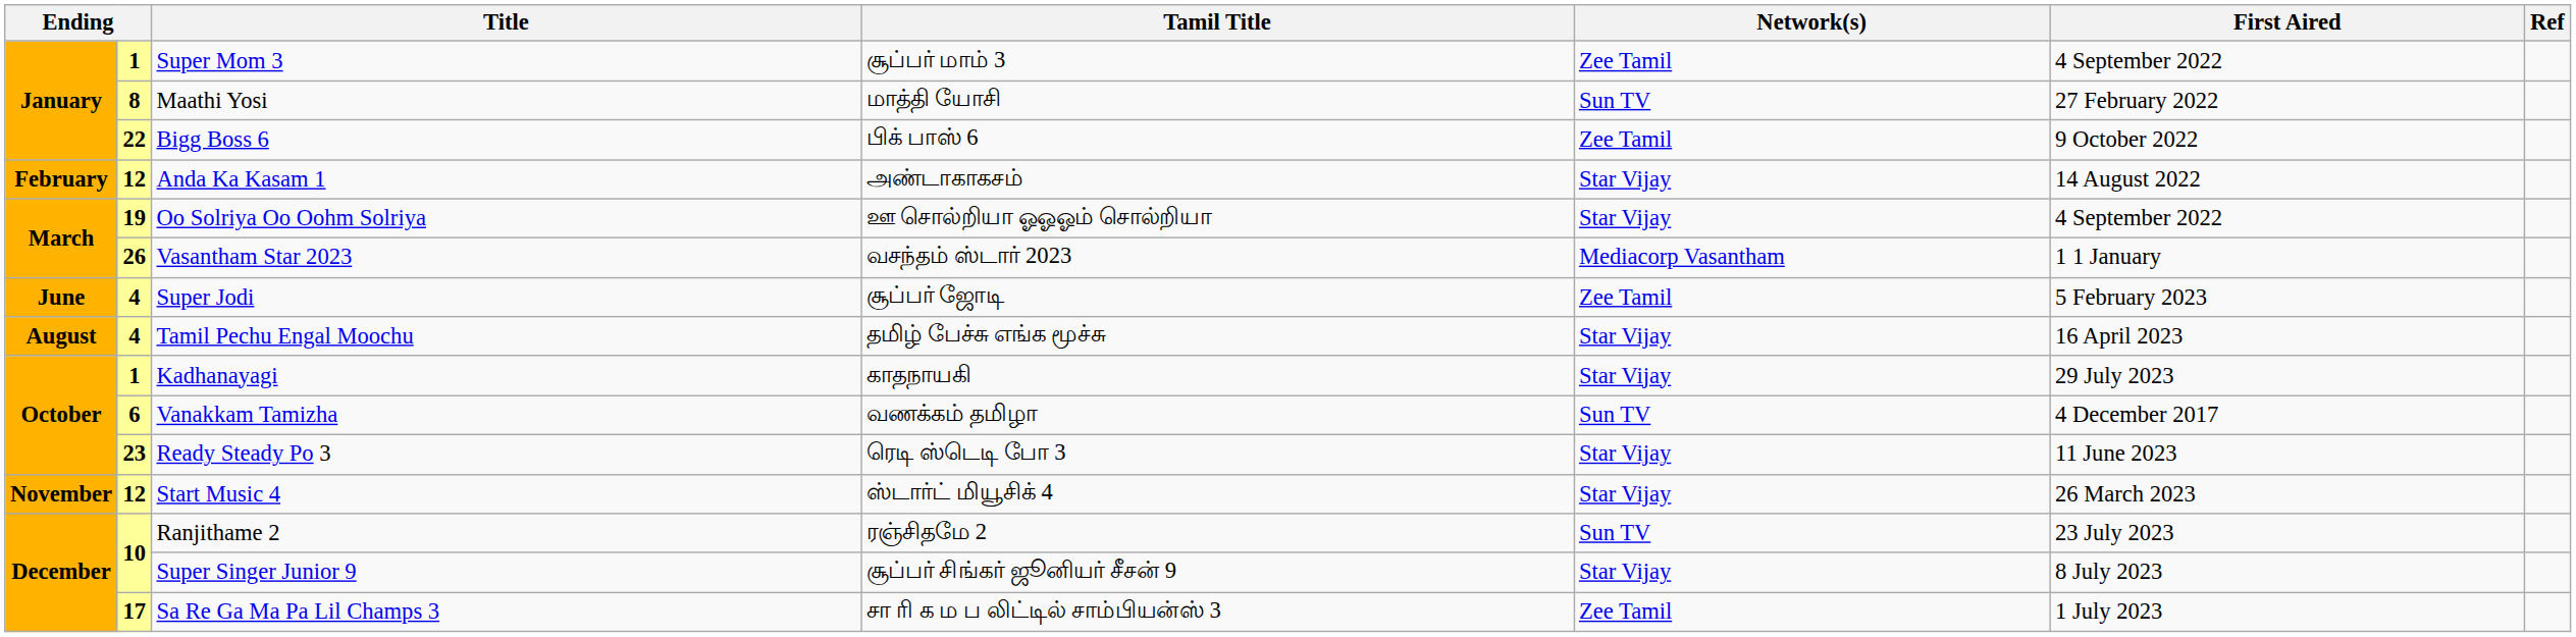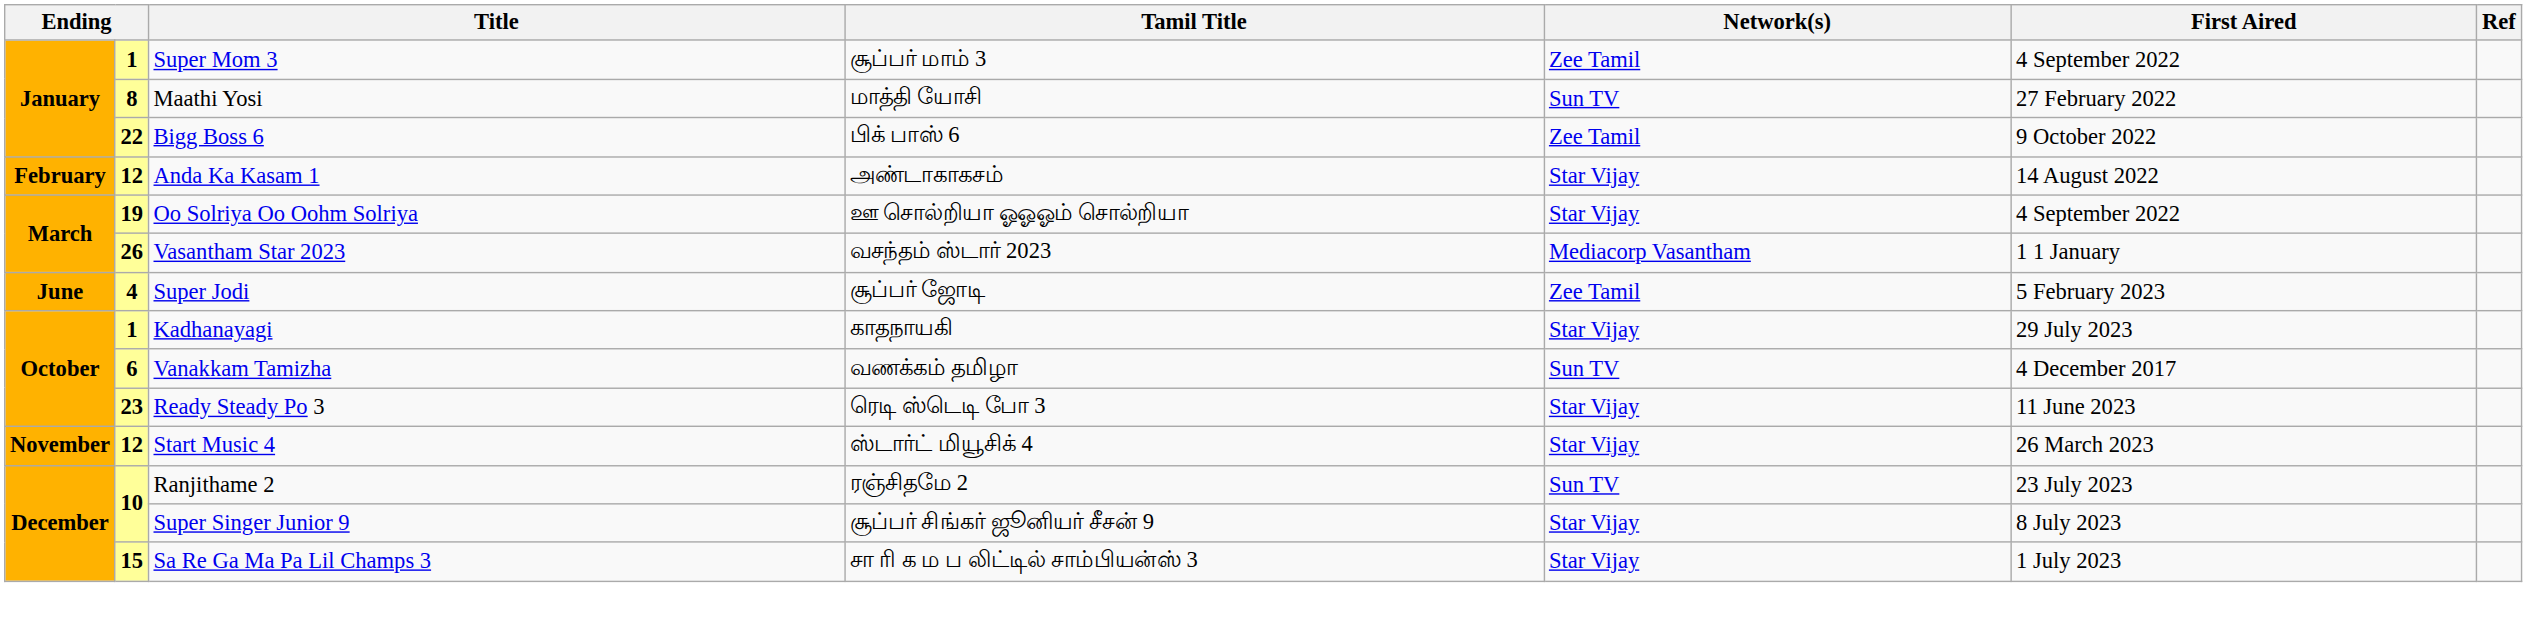 <table class="wikitable" width="90%">
 <tr>
 <th colspan="2">Ending</th>
 <th style="width:30%;">Title</th>
 <th style="width:30%;">Tamil Title</th>
 <th style="width:20%;">Network(s)</th>
 <th style="width:20%;">First Aired</th>
 <th>Ref</th>
 </tr>
 <tr>
 <td rowspan="3" style="text-align:center;background:#FFB200;textcolor:#000;"><strong>January</strong></td>
 <td style="text-align:center; background:#FFFF99;"><strong>1</strong></td>
 <td><a href='#'>Super Mom 3</a></td>
 <td>சூப்பர் மாம் 3</td>
 <td><a href='#'>Zee Tamil</a></td>
 <td>4 September 2022</td>
 <td></td>
 </tr>
 <tr>
 <td style="text-align:center; background:#FFFF99;"><strong>8</strong></td>
 <td>Maathi Yosi</td>
 <td>மாத்தி யோசி</td>
 <td><a href='#'>Sun TV</a></td>
 <td>27 February 2022</td>
 <td></td>
 </tr>
 <tr>
 <td style="text-align:center; background:#FFFF99;"><strong>22</strong></td>
 <td><a href='#'>Bigg Boss 6</a></td>
 <td>பிக் பாஸ் 6</td>
 <td><a href='#'>Zee Tamil</a></td>
 <td>9 October 2022</td>
 <td></td>
 </tr>
 <tr>
 <td rowspan="1" style="text-align:center;background:#FFB200;textcolor:#000;"><strong>February</strong></td>
 <td style="text-align:center; background:#FFFF99;"><strong>12</strong></td>
 <td><a href='#'>Anda Ka Kasam 1</a></td>
 <td>அண்டாகாகசம்</td>
 <td><a href='#'>Star Vijay</a></td>
 <td>14 August 2022</td>
 <td></td>
 </tr>
 <tr>
 <td rowspan="2" style="text-align:center;background:#FFB200;textcolor:#000;"><strong>March</strong></td>
 <td style="text-align:center; background:#FFFF99;"><strong>19</strong></td>
 <td><a href='#'>Oo Solriya Oo Oohm Solriya</a></td>
 <td>ஊ சொல்றியா ஓஓஓம் சொல்றியா</td>
 <td><a href='#'>Star Vijay</a></td>
 <td>4 September 2022</td>
 <td></td>
 </tr>
 <tr>
 <td style="text-align:center; background:#FFFF99;"><strong>26</strong></td>
 <td><a href='#'>Vasantham Star 2023</a></td>
 <td>வசந்தம் ஸ்டார் 2023</td>
 <td><a href='#'>Mediacorp Vasantham</a></td>
 <td>1 1 January</td>
 <td></td>
 </tr>
 <tr>
 <td rowspan="1" style="text-align:center;background:#FFB200;textcolor:#000;"><strong>June</strong></td>
 <td style="text-align:center; background:#FFFF99;"><strong>4</strong></td>
 <td><a href='#'>Super Jodi</a></td>
 <td>சூப்பர் ஜோடி</td>
 <td><a href='#'>Zee Tamil</a></td>
 <td>5 February 2023</td>
 <td></td>
 </tr>
 <tr>
-<td rowspan="1" style="text-align:center;background:#FFB200;textcolor:#000;"><strong>August</strong></td>
-<td style="text-align:center; background:#FFFF99;"><strong>4</strong></td>
-<td><a href='#'>Tamil Pechu Engal Moochu</a></td>
-<td>தமிழ் பேச்சு எங்க மூச்சு</td>
-<td><a href='#'>Star Vijay</a></td>
-<td>16 April 2023</td>
-<td></td>
-</tr>
-<tr>
 <td rowspan="3" style="text-align:center;background:#FFB200;textcolor:#000;"><strong>October</strong></td>
 <td style="text-align:center; background:#FFFF99;"><strong>1</strong></td>
 <td><a href='#'>Kadhanayagi</a></td>
 <td>காதநாயகி</td>
 <td><a href='#'>Star Vijay</a></td>
 <td>29 July 2023</td>
 <td></td>
 </tr>
 <tr>
 <td style="text-align:center; background:#FFFF99;"><strong>6</strong></td>
 <td><a href='#'>Vanakkam Tamizha</a></td>
 <td>வணக்கம் தமிழா</td>
 <td><a href='#'>Sun TV</a></td>
 <td>4 December 2017</td>
 <td></td>
 </tr>
 <tr>
 <td style="text-align:center; background:#FFFF99;"><strong>23</strong></td>
 <td><a href='#'>Ready Steady Po</a> 3</td>
 <td>ரெடி ஸ்டெடி போ 3</td>
 <td><a href='#'>Star Vijay</a></td>
 <td>11 June 2023</td>
 <td></td>
 </tr>
 <tr>
 <td rowspan="1" style="text-align:center;background:#FFB200;textcolor:#000;"><strong>November</strong></td>
 <td style="text-align:center; background:#FFFF99;"><strong>12</strong></td>
 <td><a href='#'>Start Music 4</a></td>
 <td>ஸ்டார்ட் மியூசிக்  4</td>
 <td><a href='#'>Star Vijay</a></td>
 <td>26 March 2023</td>
 <td></td>
 </tr>
 <tr>
 <td rowspan="3" style="text-align:center;background:#FFB200;textcolor:#000;"><strong>December</strong></td>
 <td rowspan="2" style="text-align:center; background:#FFFF99;"><strong>10</strong></td>
 <td>Ranjithame 2</td>
 <td>ரஞ்சிதமே 2</td>
 <td><a href='#'>Sun TV</a></td>
 <td>23 July 2023</td>
 <td></td>
 </tr>
 <tr>
 <td><a href='#'>Super Singer Junior 9</a></td>
 <td>சூப்பர் சிங்கர் ஜூனியர் சீசன் 9</td>
 <td><a href='#'>Star Vijay</a></td>
 <td>8 July 2023</td>
 <td></td>
 </tr>
 <tr>
-<td rowspan="1" style="text-align:center; background:#FFFF99;"><strong>17</strong></td>
+<td rowspan="1" style="text-align:center; background:#FFFF99;"><strong>15</strong></td>
 <td><a href='#'>Sa Re Ga Ma Pa Lil Champs 3</a></td>
 <td>சா ரி க ம ப லிட்டில் சாம்பியன்ஸ் 3</td>
-<td><a href='#'>Zee Tamil</a></td>
+<td><a href='#'>Star Vijay</a></td>
 <td>1 July 2023</td>
 <td></td>
 </tr>
 </table>
